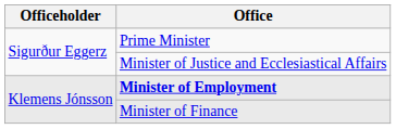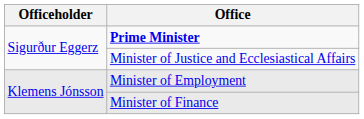 <table class="wikitable">
 <tr>
 <th>Officeholder</th>
 <th>Office</th>
 </tr>
 <tr>
 <td rowspan=2><a href='#'>Sigurður Eggerz</a></td>
-<td><a href='#'>Prime Minister</a></td>
+<td><strong><a href='#'>Prime Minister</a></strong></td>
 </tr>
 <tr>
 <td><a href='#'>Minister of Justice and Ecclesiastical Affairs</a></td>
 </tr>
 <tr style="background-color: #EAEAEA;">
 <td rowspan=2><a href='#'>Klemens Jónsson</a></td>
-<td><strong><a href='#'>Minister of Employment</a></strong></td>
+<td><a href='#'>Minister of Employment</a></td>
 </tr>
 <tr style="background-color: #EAEAEA;">
 <td><a href='#'>Minister of Finance</a></td>
 </tr>
 </table>
